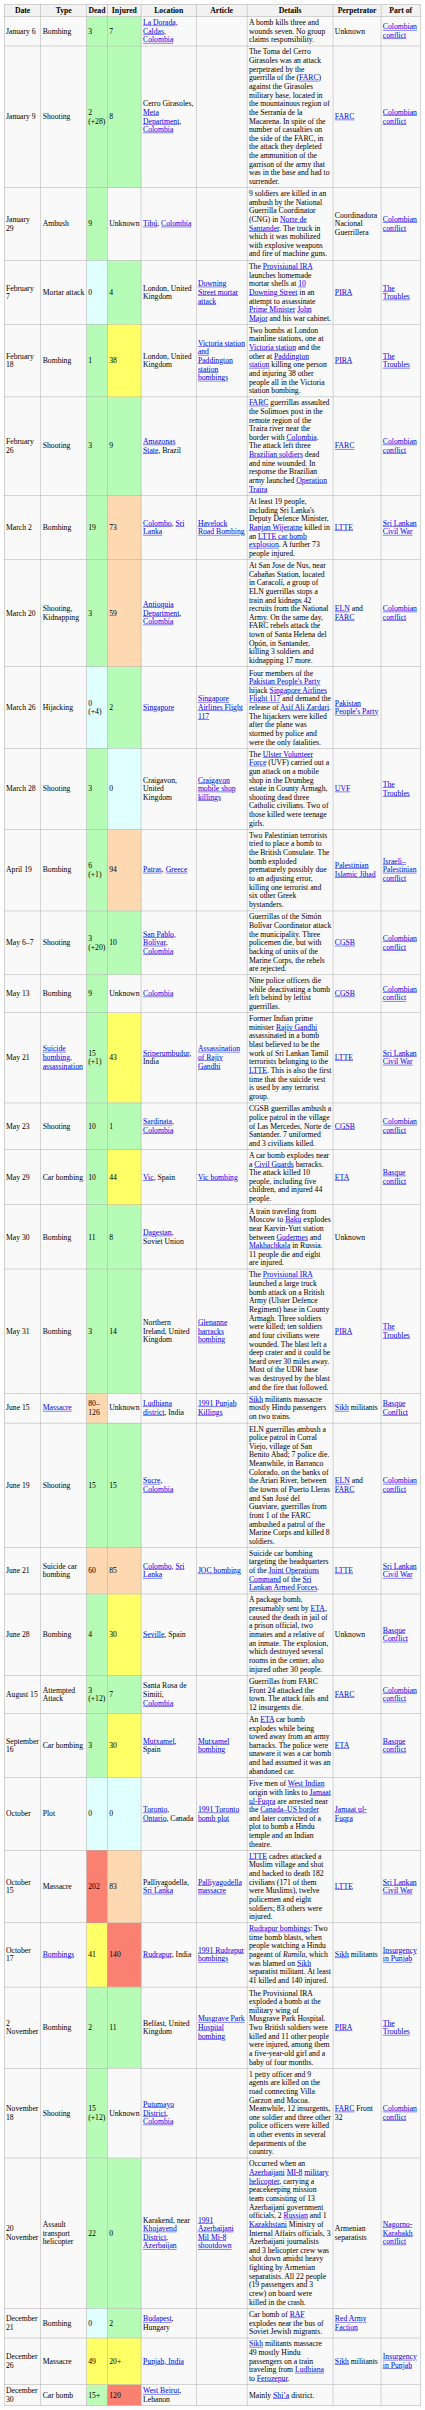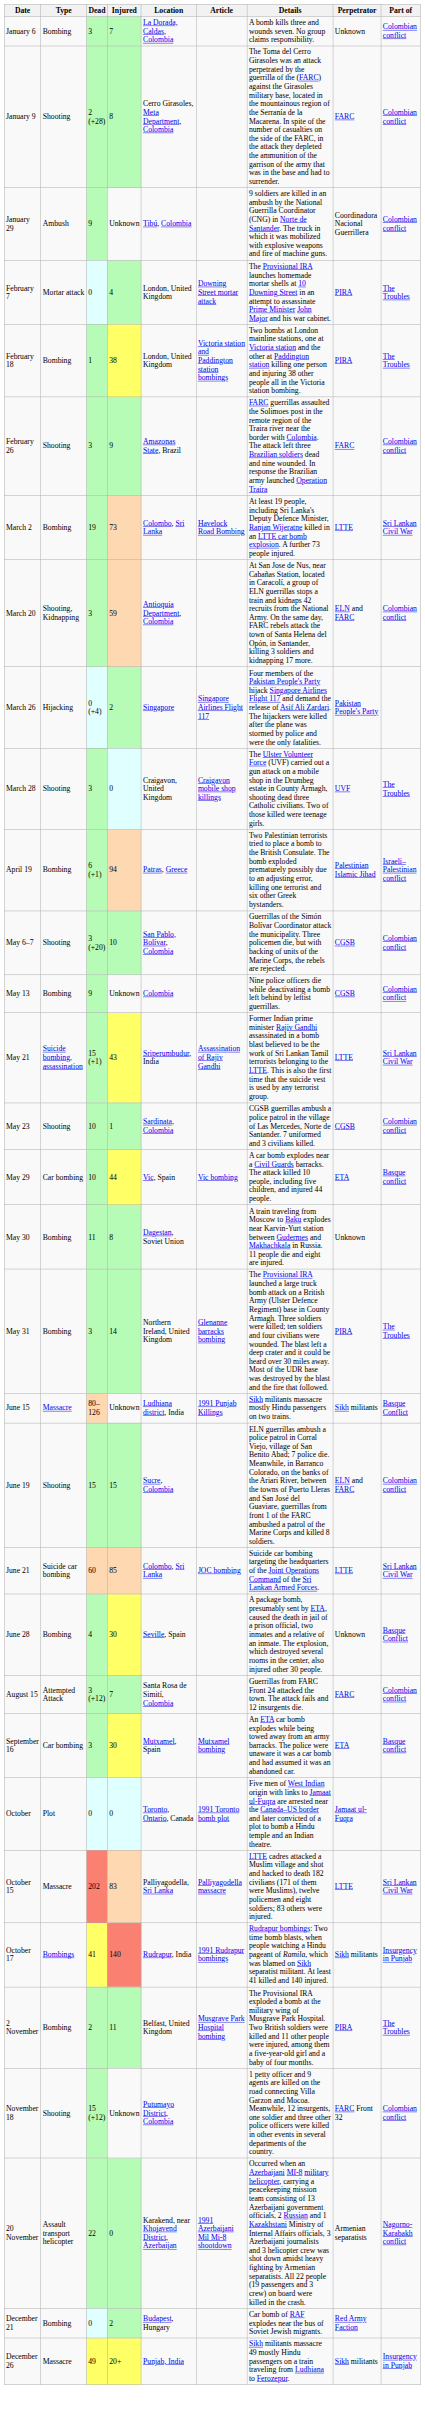 <table class="wikitable sortable">
 <tr>
 <th>Date</th>
 <th>Type</th>
 <th data-sort-type="number">Dead</th>
 <th data-sort-type="number">Injured</th>
 <th>Location</th>
 <th>Article</th>
 <th class="unsortable">Details</th>
 <th>Perpetrator</th>
 <th>Part of<br></th>
 </tr>
 <tr>
 <td>January 6</td>
 <td>Bombing</td>
 <td style="background:#B6FCB6;text-align:left">3</td>
 <td style="background:#B6FCB6;text-align:left">7</td>
 <td><a href='#'>La Dorada, Caldas</a>, <a href='#'>Colombia</a></td>
 <td></td>
 <td>A bomb kills three and wounds seven. No group claims responsibility.</td>
 <td>Unknown</td>
 <td><a href='#'>Colombian conflict</a></td>
 </tr>
 <tr>
 <td>January 9</td>
 <td>Shooting</td>
 <td style="background:#B6FCB6;text-align:left">2 (+28)</td>
 <td style="background:#B6FCB6;text-align:left">8</td>
 <td>Cerro Girasoles, <a href='#'>Meta Department</a>, <a href='#'>Colombia</a></td>
 <td></td>
 <td>The Toma del Cerro Girasoles was an attack perpetrated by the guerrilla of the (<a href='#'>FARC</a>) against the Girasoles military base, located in the mountainous region of the Serranía de la Macarena. In spite of the number of casualties on the side of the FARC, in the attack they depleted the ammunition of the garrison of the army that was in the base and had to surrender.</td>
 <td><a href='#'>FARC</a></td>
 <td><a href='#'>Colombian conflict</a></td>
 </tr>
 <tr>
 <td>January 29</td>
 <td>Ambush</td>
 <td style="background:#B6FCB6;text-align:left">9</td>
 <td>Unknown</td>
 <td><a href='#'>Tibú</a>, <a href='#'>Colombia</a></td>
 <td></td>
 <td>9 soldiers are killed in an ambush by the National Guerrilla Coordinator (CNG) in <a href='#'>Norte de Santander</a>. The truck in which it was mobilized with explosive weapons and fire of machine guns.</td>
 <td>Coordinadora Nacional Guerrillera</td>
 <td><a href='#'>Colombian conflict</a></td>
 </tr>
 <tr>
 <td>February 7</td>
 <td>Mortar attack</td>
 <td style="background:#E0FFFF;text-align:left">0</td>
 <td style="background:#B6FCB6;text-align:left">4</td>
 <td>London, United Kingdom</td>
 <td><a href='#'>Downing Street mortar attack</a></td>
 <td>The <a href='#'>Provisional IRA</a> launches homemade mortar shells at <a href='#'>10 Downing Street</a> in an attempt to assassinate <a href='#'>Prime Minister</a> <a href='#'>John Major</a> and his war cabinet.</td>
 <td><a href='#'>PIRA</a></td>
 <td><a href='#'>The Troubles</a></td>
 </tr>
 <tr>
 <td>February 18</td>
 <td>Bombing</td>
 <td style="background:#B6FCB6;text-align:left">1</td>
 <td style="background:#FFFF66;text-align:left">38</td>
 <td>London, United Kingdom</td>
 <td><a href='#'>Victoria station and Paddington station bombings</a></td>
 <td>Two bombs at London mainline stations, one at <a href='#'>Victoria station</a> and the other at <a href='#'>Paddington station</a> killing one person and injuring 38 other people all in the Victoria station bombing.</td>
 <td><a href='#'>PIRA</a></td>
 <td><a href='#'>The Troubles</a></td>
 </tr>
 <tr>
 <td>February 26</td>
 <td>Shooting</td>
 <td style="background:#B6FCB6;text-align:left">3</td>
 <td style="background:#B6FCB6;text-align:left">9</td>
 <td><a href='#'>Amazonas State</a>, Brazil</td>
 <td></td>
 <td><a href='#'>FARC</a> guerrillas assaulted the Solimoes post in the remote region of the Traira river near the border with <a href='#'>Colombia</a>. The attack left three <a href='#'>Brazilian soldiers</a> dead and nine wounded. In response the Brazilian army launched <a href='#'>Operation Traira</a></td>
 <td><a href='#'>FARC</a></td>
 <td><a href='#'>Colombian conflict</a></td>
 </tr>
 <tr>
 <td>March 2</td>
 <td>Bombing</td>
 <td style="background:#B6FCB6;text-align:left">19</td>
 <td style="background:#FED8B1;text-align:left">73</td>
 <td><a href='#'>Colombo</a>, <a href='#'>Sri Lanka</a></td>
 <td><a href='#'>Havelock Road Bombing</a></td>
 <td>At least 19 people, including Sri Lanka's Deputy Defence Minister, <a href='#'>Ranjan Wijeratne</a> killed in an <a href='#'>LTTE car bomb explosion</a>. A further 73 people injured.</td>
 <td><a href='#'>LTTE</a></td>
 <td><a href='#'>Sri Lankan Civil War</a></td>
 </tr>
 <tr>
 <td>March 20</td>
 <td>Shooting, Kidnapping</td>
 <td style="background:#B6FCB6;text-align:left">3</td>
 <td style="background:#FED8B1;text-align:left">59</td>
 <td><a href='#'>Antioquia Department</a>, <a href='#'>Colombia</a></td>
 <td></td>
 <td>At San Jose de Nus, near Cabañas Station, located in Caracolí, a group of ELN guerrillas stops a train and kidnaps 42 recruits from the National Army. On the same day, FARC rebels attack the town of Santa Helena del Opón, in Santander, killing 3 soldiers and kidnapping 17 more.</td>
 <td><a href='#'>ELN</a> and <a href='#'>FARC</a></td>
 <td><a href='#'>Colombian conflict</a></td>
 </tr>
 <tr>
 <td>March 26</td>
 <td>Hijacking</td>
 <td style="background:#E0FFFF;text-align:left">0 (+4)</td>
 <td style="background:#B6FCB6;text-align:left">2</td>
 <td><a href='#'>Singapore</a></td>
 <td><a href='#'>Singapore Airlines Flight 117</a></td>
 <td>Four members of the <a href='#'>Pakistan People's Party</a> hijack <a href='#'>Singapore Airlines Flight 117</a> and demand the release of <a href='#'>Asif Ali Zardari</a>. The hijackers were killed after the plane was stormed by police and were the only fatalities.</td>
 <td><a href='#'>Pakistan People's Party</a></td>
 <td></td>
 </tr>
 <tr>
 <td>March 28</td>
 <td>Shooting</td>
 <td style="background:#B6FCB6;text-align:left">3</td>
 <td style="background:#E0FFFF;text-align:left">0</td>
 <td>Craigavon, United Kingdom</td>
 <td><a href='#'>Craigavon mobile shop killings</a></td>
 <td>The <a href='#'>Ulster Volunteer Force</a> (UVF) carried out a gun attack on a mobile shop in the Drumbeg estate in County Armagh, shooting dead three Catholic civilians. Two of those killed were teenage girls.</td>
 <td><a href='#'>UVF</a></td>
 <td><a href='#'>The Troubles</a></td>
 </tr>
 <tr>
 <td>April 19</td>
 <td>Bombing</td>
 <td style="background:#B6FCB6;text-align:left">6 (+1)</td>
 <td style="background:#FED8B1;text-align:left">94</td>
 <td><a href='#'>Patras</a>, <a href='#'>Greece</a></td>
 <td></td>
 <td>Two Palestinian terrorists tried to place a bomb to the British Consulate. The bomb exploded prematurely possibly due to an adjusting error, killing one terrorist and six other Greek bystanders.</td>
 <td><a href='#'>Palestinian Islamic Jihad</a></td>
 <td><a href='#'>Israeli–Palestinian conflict</a></td>
 </tr>
 <tr>
 <td>May 6–7</td>
 <td>Shooting</td>
 <td style="background:#B6FCB6;text-align:left">3 (+20)</td>
 <td style="background:#B6FCB6;text-align:left">10</td>
 <td><a href='#'>San Pablo, Bolívar</a>, <a href='#'>Colombia</a></td>
 <td></td>
 <td>Guerrillas of the Simón Bolívar Coordinator attack the municipality. Three policemen die, but with backing of units of the Marine Corps, the rebels are rejected.</td>
 <td><a href='#'>CGSB</a></td>
 <td><a href='#'>Colombian conflict</a></td>
 </tr>
 <tr>
 <td>May 13</td>
 <td>Bombing</td>
 <td style="background:#B6FCB6;text-align:left">9</td>
 <td>Unknown</td>
 <td><a href='#'>Colombia</a></td>
 <td></td>
 <td>Nine police officers die while deactivating a bomb left behind by leftist guerrillas.</td>
 <td><a href='#'>CGSB</a></td>
 <td><a href='#'>Colombian conflict</a></td>
 </tr>
 <tr>
 <td>May 21</td>
 <td><a href='#'>Suicide bombing, assassination</a></td>
 <td style="background:#B6FCB6;text-align:left">15 (+1)</td>
 <td style="background:#FFFF66;text-align:left">43</td>
 <td><a href='#'>Sriperumbudur</a>, India</td>
 <td><a href='#'>Assassination of Rajiv Gandhi</a></td>
 <td>Former Indian prime minister <a href='#'>Rajiv Gandhi</a> assassinated in a bomb blast believed to be the work of Sri Lankan Tamil terrorists belonging to the <a href='#'>LTTE</a>. This is also the first time that the suicide vest is used by any terrorist group.</td>
 <td><a href='#'>LTTE</a></td>
 <td><a href='#'>Sri Lankan Civil War</a></td>
 </tr>
 <tr>
 <td>May 23</td>
 <td>Shooting</td>
 <td style="background:#B6FCB6;text-align:left">10</td>
 <td style="background:#B6FCB6;text-align:left">1</td>
 <td><a href='#'>Sardinata</a>, <a href='#'>Colombia</a></td>
 <td></td>
 <td>CGSB guerrillas ambush a police patrol in the village of Las Mercedes, Norte de Santander. 7 uniformed and 3 civilians killed.</td>
 <td><a href='#'>CGSB</a></td>
 <td><a href='#'>Colombian conflict</a></td>
 </tr>
 <tr>
 <td>May 29</td>
 <td>Car bombing</td>
 <td style="background:#B6FCB6;text-align:left">10</td>
 <td style="background:#FFFF66;text-align:left">44</td>
 <td><a href='#'>Vic</a>, Spain</td>
 <td><a href='#'>Vic bombing</a></td>
 <td>A car bomb explodes near a <a href='#'>Civil Guards</a> barracks. The attack killed 10 people, including five children, and injured 44 people.</td>
 <td><a href='#'>ETA</a></td>
 <td><a href='#'>Basque conflict</a></td>
 </tr>
 <tr>
 <td>May 30</td>
 <td>Bombing</td>
 <td style="background:#B6FCB6;text-align:left">11</td>
 <td style="background:#B6FCB6;text-align:left">8</td>
 <td><a href='#'>Dagestan</a>, Soviet Union</td>
 <td></td>
 <td>A train traveling from Moscow to <a href='#'>Baku</a> explodes near Karvin-Yurt station between <a href='#'>Gudermes</a> and <a href='#'>Makhachkala</a> in Russia. 11 people die and eight are injured.</td>
 <td>Unknown</td>
 <td></td>
 </tr>
 <tr>
 <td>May 31</td>
 <td>Bombing</td>
 <td style="background:#B6FCB6;text-align:left">3</td>
 <td style="background:#B6FCB6;text-align:left">14</td>
 <td>Northern Ireland, United Kingdom</td>
 <td><a href='#'>Glenanne barracks bombing</a></td>
 <td>The <a href='#'>Provisional IRA</a> launched a large truck bomb attack on a British Army (Ulster Defence Regiment) base in County Armagh. Three soldiers were killed; ten soldiers and four civilians were wounded. The blast left a deep crater and it could be heard over 30 miles away. Most of the UDR base was destroyed by the blast and the fire that followed.</td>
 <td><a href='#'>PIRA</a></td>
 <td><a href='#'>The Troubles</a></td>
 </tr>
 <tr>
 <td>June 15</td>
 <td><a href='#'>Massacre</a></td>
 <td style="background:#FED8B1;text-align:left">80–126</td>
 <td>Unknown</td>
 <td><a href='#'>Ludhiana district</a>, India</td>
 <td><a href='#'>1991 Punjab Killings</a></td>
 <td><a href='#'>Sikh</a> militants massacre mostly Hindu passengers on two trains.</td>
 <td><a href='#'>Sikh</a> militants</td>
 <td><a href='#'>Basque Conflict</a></td>
 </tr>
 <tr>
 <td>June 19</td>
 <td>Shooting</td>
 <td style="background:#B6FCB6;text-align:left">15</td>
 <td style="background:#B6FCB6;text-align:left">15</td>
 <td><a href='#'>Sucre</a>, <a href='#'>Colombia</a></td>
 <td></td>
 <td>ELN guerrillas ambush a police patrol in Corral Viejo, village of San Benito Abad; 7 police die. Meanwhile, in Barranco Colorado, on the banks of the Ariari River, between the towns of Puerto Lleras and San José del Guaviare, guerrillas from front 1 of the FARC ambushed a patrol of the Marine Corps and killed 8 soldiers.</td>
 <td><a href='#'>ELN</a> and <a href='#'>FARC</a></td>
 <td><a href='#'>Colombian conflict</a></td>
 </tr>
 <tr>
 <td>June 21</td>
 <td>Suicide car bombing</td>
 <td style="background:#FED8B1;text-align:left">60</td>
 <td style="background:#FED8B1;text-align:left">85</td>
 <td><a href='#'>Colombo</a>, <a href='#'>Sri Lanka</a></td>
 <td><a href='#'>JOC bombing</a></td>
 <td>Suicide car bombing targeting the headquarters of the <a href='#'>Joint Operations Command</a> of the <a href='#'>Sri Lankan Armed Forces</a>.</td>
 <td><a href='#'>LTTE</a></td>
 <td><a href='#'>Sri Lankan Civil War</a></td>
 </tr>
 <tr>
 <td>June 28</td>
 <td>Bombing</td>
 <td style="background:#B6FCB6;text-align:left">4</td>
 <td style="background:#FFFF66;text-align:left">30</td>
 <td><a href='#'>Seville</a>, Spain</td>
 <td></td>
 <td>A package bomb, presumably sent by <a href='#'>ETA</a>, caused the death in jail of a prison official, two inmates and a relative of an inmate. The explosion, which destroyed several rooms in the center, also injured other 30 people.</td>
 <td>Unknown</td>
 <td><a href='#'>Basque Conflict</a></td>
 </tr>
 <tr>
 <td>August 15</td>
 <td>Attempted Attack</td>
 <td style="background:#B6FCB6;text-align:left">3 (+12)</td>
 <td style="background:#B6FCB6;text-align:left">7</td>
 <td>Santa Rosa de Simití, <a href='#'>Colombia</a></td>
 <td></td>
 <td>Guerrillas from FARC Front 24 attacked the town. The attack fails and 12 insurgents die.</td>
 <td><a href='#'>FARC</a></td>
 <td><a href='#'>Colombian conflict</a></td>
 </tr>
 <tr>
 <td>September 16</td>
 <td>Car bombing</td>
 <td style="background:#B6FCB6;text-align:left">3</td>
 <td style="background:#FFFF66;text-align:left">30</td>
 <td><a href='#'>Mutxamel</a>, Spain</td>
 <td><a href='#'>Mutxamel bombing</a></td>
 <td>An <a href='#'>ETA</a> car bomb explodes while being towed away from an army barracks. The police were unaware it was a car bomb and had assumed it was an abandoned car.</td>
 <td><a href='#'>ETA</a></td>
 <td><a href='#'>Basque conflict</a></td>
 </tr>
 <tr>
 <td>October</td>
 <td>Plot</td>
 <td style="background:#E0FFFF;text-align:left">0</td>
 <td style="background:#E0FFFF;text-align:left">0</td>
 <td><a href='#'>Toronto</a>, <a href='#'>Ontario</a>, Canada</td>
 <td><a href='#'>1991 Toronto bomb plot</a></td>
 <td>Five men of <a href='#'>West Indian</a> origin with links to <a href='#'>Jamaat ul-Fuqra</a> are arrested near the <a href='#'>Canada–US border</a> and later convicted of a plot to bomb a Hindu temple and an Indian theatre.</td>
 <td><a href='#'>Jamaat ul-Fuqra</a></td>
 <td></td>
 </tr>
 <tr>
 <td>October 15</td>
 <td>Massacre</td>
 <td style="background:#FA8072;text-align:left">202</td>
 <td style="background:#FED8B1;text-align:left">83</td>
 <td>Palliyagodella, <a href='#'>Sri Lanka</a></td>
 <td><a href='#'>Palliyagodella massacre</a></td>
 <td><a href='#'>LTTE</a> cadres attacked a Muslim village and shot and hacked to death 182 civilians (171 of them were Muslims), twelve policemen and eight soldiers; 83 others were injured.</td>
 <td><a href='#'>LTTE</a></td>
 <td><a href='#'>Sri Lankan Civil War</a></td>
 </tr>
 <tr>
 <td>October 17</td>
 <td><a href='#'>Bombings</a></td>
 <td style="background:#FFFF66;text-align:left">41</td>
 <td style="background:#FA8072;text-align:left">140</td>
 <td><a href='#'>Rudrapur</a>, India</td>
 <td><a href='#'>1991 Rudrapur bombings</a></td>
 <td><a href='#'>Rudrapur bombings</a>: Two time bomb blasts, when people watching a Hindu pageant of <em>Ramila</em>, which was blamed on <a href='#'>Sikh</a> separatist militant. At least 41 killed and 140 injured.</td>
 <td><a href='#'>Sikh</a> militants</td>
 <td><a href='#'>Insurgency in Punjab</a></td>
 </tr>
 <tr>
 <td>2 November</td>
 <td>Bombing</td>
 <td style="background:#B6FCB6;text-align:left">2</td>
 <td style="background:#B6FCB6;text-align:left">11</td>
 <td>Belfast, United Kingdom</td>
 <td><a href='#'>Musgrave Park Hospital bombing</a></td>
 <td>The Provisional IRA exploded a bomb at the military wing of Musgrave Park Hospital. Two British soldiers were killed and 11 other people were injured, among them a five-year-old girl and a baby of four months.</td>
 <td><a href='#'>PIRA</a></td>
 <td><a href='#'>The Troubles</a></td>
 </tr>
 <tr>
 <td>November 18</td>
 <td>Shooting</td>
 <td style="background:#B6FCB6;text-align:left">15 (+12)</td>
 <td>Unknown</td>
 <td><a href='#'>Putumayo District</a>, <a href='#'>Colombia</a></td>
 <td></td>
 <td>1 petty officer and 9 agents are killed on the road connecting Villa Garzon and Mocoa. Meanwhile, 12 insurgents, one soldier and three other police officers were killed in other events in several departments of the country.</td>
 <td><a href='#'>FARC</a> Front 32</td>
 <td><a href='#'>Colombian conflict</a></td>
 </tr>
 <tr>
 <td>20 November</td>
 <td>Assault transport helicopter</td>
 <td style="background:#B6FCB6;text-align:left">22</td>
 <td style="background:#B6FCB6;text-align:left">0</td>
 <td>Karakend, near <a href='#'>Khojavend District</a>, <a href='#'>Azerbaijan</a></td>
 <td><a href='#'>1991 Azerbaijani Mil Mi-8 shootdown</a></td>
 <td>Occurred when an <a href='#'>Azerbaijani</a> <a href='#'>MI-8</a> <a href='#'>military helicopter</a>, carrying a peacekeeping mission team consisting of 13 Azerbaijani government officials, 2 <a href='#'>Russian</a> and 1 <a href='#'>Kazakhstani</a> Ministry of Internal Affairs officials, 3 Azerbaijani journalists and 3 helicopter crew was shot down amidst heavy fighting by Armenian separatists. All 22 people (19 passengers and 3 crew) on board were killed in the crash.</td>
 <td>Armenian separatists</td>
 <td><a href='#'>Nagorno-Karabakh conflict</a></td>
 </tr>
 <tr>
 <td>December 21</td>
 <td>Bombing</td>
 <td style="background:#E0FFFF;text-align:left">0</td>
 <td style="background:#B6FCB6;text-align:left">2</td>
 <td><a href='#'>Budapest</a>, Hungary</td>
 <td></td>
 <td>Car bomb of <a href='#'>RAF</a> explodes near the bus of Soviet Jewish migrants.</td>
 <td><a href='#'>Red Army Faction</a></td>
 <td></td>
 </tr>
 <tr>
 <td>December 26</td>
 <td>Massacre</td>
 <td style="background:#FFFF66;text-align:left">49</td>
 <td style="background:#FFFF66;text-align:left">20+</td>
 <td><a href='#'>Punjab, India</a></td>
 <td></td>
 <td><a href='#'>Sikh</a> militants massacre 49 mostly Hindu passengers on a train traveling from <a href='#'>Ludhiana</a> to <a href='#'>Ferozepur</a>.</td>
 <td><a href='#'>Sikh</a> militants</td>
 <td><a href='#'>Insurgency in Punjab</a></td>
 </tr>
-<tr>
-<td>December 30</td>
-<td>Car bomb</td>
-<td style="background:#BCFCB6;text-align:left">15+</td>
-<td style="background:#FA8072;text-align:left">120</td>
-<td><a href='#'>West Beirut</a>, Lebanon</td>
-<td></td>
-<td>Mainly <a href='#'>Shi’a</a> district.</td>
-<td></td>
-<td></td>
-</tr>
 </table>
